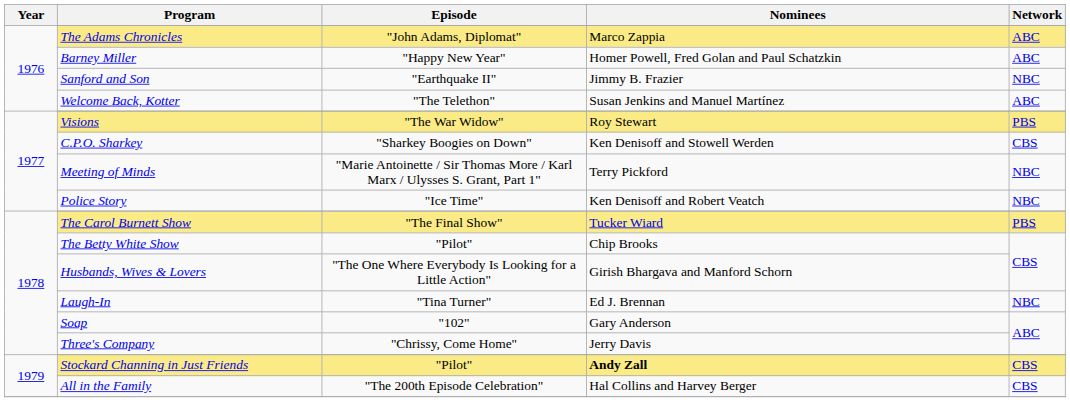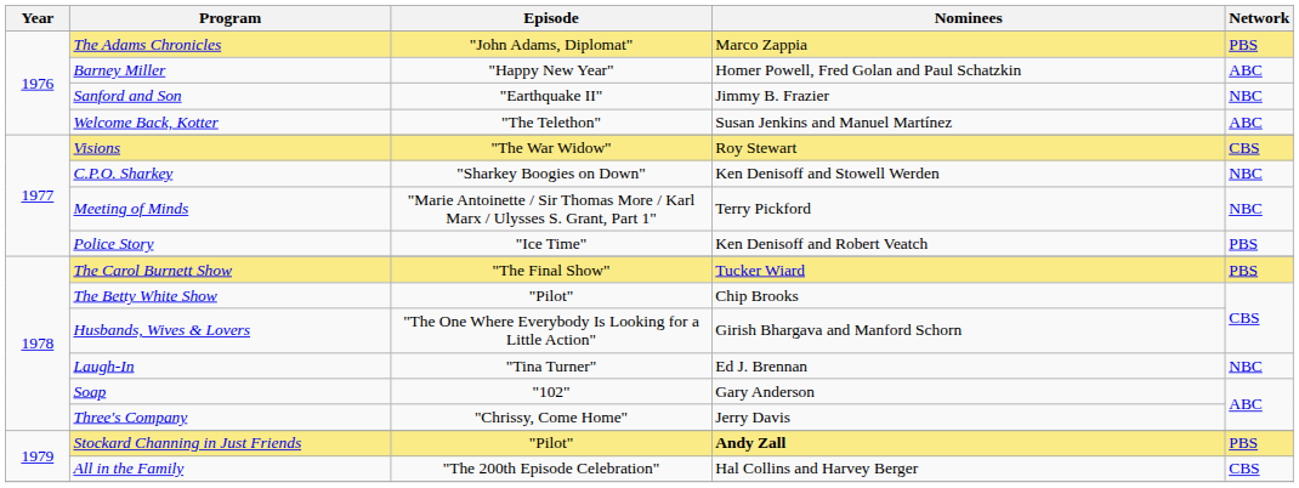 <table class="wikitable" style="width:100%">
 <tr style="background:#bebebe;">
 <th style="width:5%;">Year</th>
 <th style="width:25%;">Program</th>
 <th style="width:25%;">Episode</th>
 <th style="width:40%;">Nominees</th>
 <th style="width:5%;">Network</th>
 </tr>
 <tr>
 <td rowspan=5 style="text-align:center;"><a href='#'>1976</a><br></td>
 </tr>
 <tr style="background:#FAEB86;">
 <td><em><a href='#'>The Adams Chronicles</a></em></td>
 <td align=center>"John Adams, Diplomat"</td>
 <td>Marco Zappia</td>
-<td><a href='#'>ABC</a></td>
+<td><a href='#'>PBS</a></td>
 </tr>
 <tr>
 <td><em><a href='#'>Barney Miller</a></em></td>
 <td align=center>"Happy New Year"</td>
 <td>Homer Powell, Fred Golan and Paul Schatzkin</td>
 <td><a href='#'>ABC</a></td>
 </tr>
 <tr>
 <td><em><a href='#'>Sanford and Son</a></em></td>
 <td align=center>"Earthquake II"</td>
 <td>Jimmy B. Frazier</td>
 <td><a href='#'>NBC</a></td>
 </tr>
 <tr>
 <td><em><a href='#'>Welcome Back, Kotter</a></em></td>
 <td align=center>"The Telethon"</td>
 <td>Susan Jenkins and Manuel Martínez</td>
 <td><a href='#'>ABC</a></td>
 </tr>
 <tr>
 <td rowspan=5 style="text-align:center;"><a href='#'>1977</a><br></td>
 </tr>
 <tr style="background:#FAEB86;">
 <td><em><a href='#'>Visions</a></em></td>
 <td align=center>"The War Widow"</td>
 <td>Roy Stewart</td>
-<td><a href='#'>PBS</a></td>
+<td><a href='#'>CBS</a></td>
 </tr>
 <tr>
 <td><em><a href='#'>C.P.O. Sharkey</a></em></td>
 <td align=center>"Sharkey Boogies on Down"</td>
 <td>Ken Denisoff and Stowell Werden</td>
-<td><a href='#'>CBS</a></td>
+<td><a href='#'>NBC</a></td>
 </tr>
 <tr>
 <td><em><a href='#'>Meeting of Minds</a></em></td>
 <td align=center>"Marie Antoinette / Sir Thomas More / Karl Marx / Ulysses S. Grant, Part 1"</td>
 <td>Terry Pickford</td>
 <td><a href='#'>NBC</a></td>
 </tr>
 <tr>
 <td><em><a href='#'>Police Story</a></em></td>
 <td align=center>"Ice Time"</td>
 <td>Ken Denisoff and Robert Veatch</td>
-<td><a href='#'>NBC</a></td>
+<td><a href='#'>PBS</a></td>
 </tr>
 <tr>
 <td rowspan=7 style="text-align:center;"><a href='#'>1978</a><br></td>
 </tr>
 <tr style="background:#FAEB86;">
 <td><em><a href='#'>The Carol Burnett Show</a></em></td>
 <td align=center>"The Final Show"</td>
 <td><a href='#'>Tucker Wiard</a></td>
 <td><a href='#'>PBS</a></td>
 </tr>
 <tr>
 <td><em><a href='#'>The Betty White Show</a></em></td>
 <td align=center>"Pilot"</td>
 <td>Chip Brooks</td>
 <td rowspan=2><a href='#'>CBS</a></td>
 </tr>
 <tr>
 <td><em><a href='#'>Husbands, Wives & Lovers</a></em></td>
 <td align=center>"The One Where Everybody Is Looking for a Little Action"</td>
 <td>Girish Bhargava and Manford Schorn</td>
 </tr>
 <tr>
 <td><em><a href='#'>Laugh-In</a></em></td>
 <td align=center>"Tina Turner"</td>
 <td>Ed J. Brennan</td>
 <td><a href='#'>NBC</a></td>
 </tr>
 <tr>
 <td><em><a href='#'>Soap</a></em></td>
 <td align=center>"102"</td>
 <td>Gary Anderson</td>
 <td rowspan=2><a href='#'>ABC</a></td>
 </tr>
 <tr>
 <td><em><a href='#'>Three's Company</a></em></td>
 <td align=center>"Chrissy, Come Home"</td>
 <td>Jerry Davis</td>
 </tr>
 <tr>
 <td rowspan=3 style="text-align:center;"><a href='#'>1979</a><br></td>
 </tr>
 <tr style="background:#FAEB86;">
 <td><em><a href='#'>Stockard Channing in Just Friends</a></em></td>
 <td align=center>"Pilot"</td>
 <td><strong>Andy Zall</strong></td>
-<td><a href='#'>CBS</a></td>
+<td><a href='#'>PBS</a></td>
 </tr>
 <tr>
 <td><em><a href='#'>All in the Family</a></em></td>
 <td align=center>"The 200th Episode Celebration"</td>
 <td>Hal Collins and Harvey Berger</td>
 <td><a href='#'>CBS</a></td>
 </tr>
 <tr>
 </tr>
 </table>
